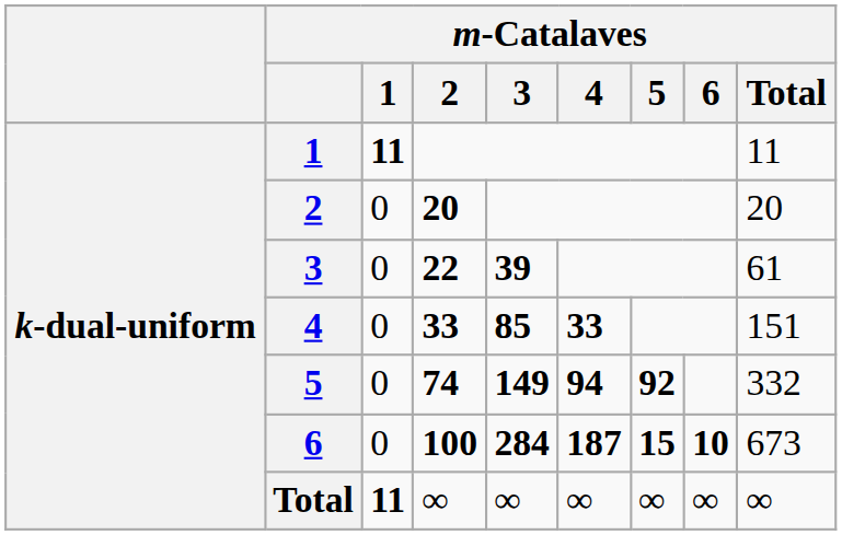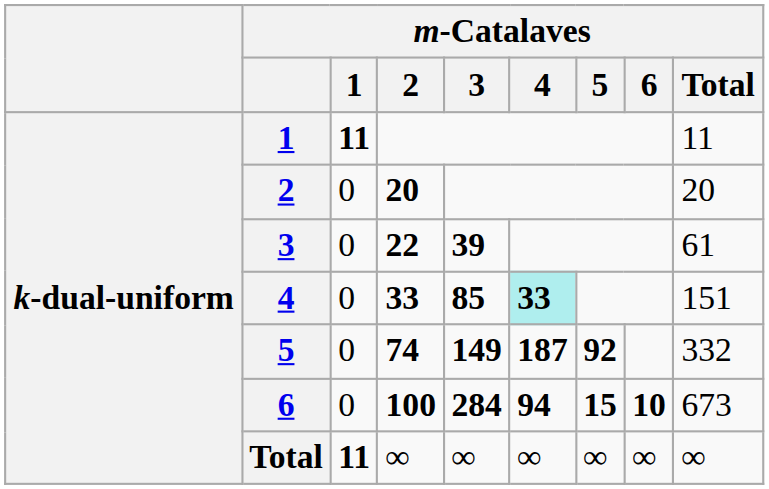 <table class="wikitable" style="margin: auto;">
 <tr>
 <th rowspan="2"></th>
 <th colspan="8"><em>m</em>-Catalaves</th>
 </tr>
 <tr>
 <th></th>
 <th>1</th>
 <th>2</th>
 <th>3</th>
 <th>4</th>
 <th>5</th>
 <th>6</th>
 <th>Total</th>
 </tr>
 <tr>
 <th rowspan="7"><em>k</em>-dual-uniform</th>
 <th><a href='#'>1</a></th>
 <td><strong>11</strong></td>
 <td colspan="5"></td>
 <td>11</td>
 </tr>
 <tr>
 <th><a href='#'>2</a></th>
 <td>0</td>
 <td><strong>20</strong></td>
 <td colspan="4"></td>
 <td>20</td>
 </tr>
 <tr>
 <th><a href='#'>3</a></th>
 <td>0</td>
 <td><strong>22</strong></td>
 <td><strong>39</strong></td>
 <td colspan="3"></td>
 <td>61</td>
 </tr>
 <tr>
 <th><a href='#'>4</a></th>
 <td>0</td>
 <td><strong>33</strong></td>
 <td><strong>85</strong></td>
-<td><strong>33</strong></td>
+<td style="background: paleturquoise;"><strong>33</strong></td>
 <td colspan="2"></td>
 <td>151</td>
 </tr>
 <tr>
 <th><a href='#'>5</a></th>
 <td>0</td>
 <td><strong>74</strong></td>
 <td><strong>149</strong></td>
-<td><strong>94</strong></td>
+<td><strong>187</strong></td>
 <td><strong>92</strong></td>
 <td></td>
 <td>332</td>
 </tr>
 <tr>
 <th><a href='#'>6</a></th>
 <td>0</td>
 <td><strong>100</strong></td>
 <td><strong>284</strong></td>
-<td><strong>187</strong></td>
+<td><strong>94</strong></td>
 <td><strong>15</strong></td>
 <td><strong>10</strong></td>
 <td>673</td>
 </tr>
 <tr>
 <th>Total</th>
 <td><strong>11</strong></td>
 <td><strong>∞</strong></td>
 <td><strong>∞</strong></td>
 <td><strong>∞</strong></td>
 <td><strong>∞</strong></td>
 <td><strong>∞</strong></td>
 <td><strong>∞</strong></td>
 </tr>
 </table>
